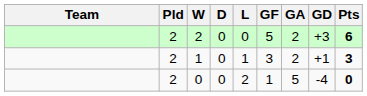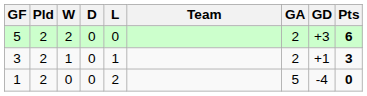 <table class="wikitable" style="text-align: center;">
 <tr>
-<th width=175>Team</th>
+<th width=20 abbr="Goals for">GF</th>
 <th width=20 abbr="Played">Pld</th>
 <th width=20 abbr="Won">W</th>
 <th width=20 abbr="Drawn">D</th>
 <th width=20 abbr="Lost">L</th>
-<th width=20 abbr="Goals for">GF</th>
+<th width=175>Team</th>
 <th width=20 abbr="Goals against">GA</th>
 <th width=20 abbr="Goal difference">GD</th>
 <th width=20 abbr="Points">Pts</th>
 </tr>
 <tr bgcolor="#ccffcc">
-<td align=left></td>
+<td>5</td>
 <td>2</td>
 <td>2</td>
 <td>0</td>
 <td>0</td>
-<td>5</td>
+<td align=left></td>
 <td>2</td>
 <td>+3</td>
 <td><strong>6</strong></td>
 </tr>
 <tr>
-<td align=left></td>
+<td>3</td>
 <td>2</td>
 <td>1</td>
 <td>0</td>
 <td>1</td>
-<td>3</td>
+<td align=left></td>
 <td>2</td>
 <td>+1</td>
 <td><strong>3</strong></td>
 </tr>
 <tr>
-<td align=left></td>
+<td>1</td>
 <td>2</td>
 <td>0</td>
 <td>0</td>
 <td>2</td>
-<td>1</td>
+<td align=left></td>
 <td>5</td>
 <td>-4</td>
 <td><strong>0</strong></td>
 </tr>
 </table>
